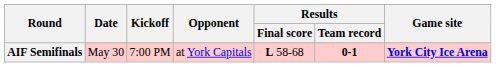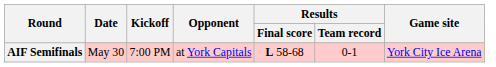 <table class="wikitable" style="font-size: 92%;" "align=center">
 <tr>
 <th rowspan="2">Round</th>
 <th rowspan="2">Date</th>
 <th rowspan="2">Kickoff</th>
 <th rowspan="2">Opponent</th>
 <th colspan="2">Results</th>
 <th rowspan="2">Game site</th>
 </tr>
 <tr>
 <th>Final score</th>
 <th>Team record</th>
 </tr>
 <tr style="background:#fcc">
 <th>AIF Semifinals</th>
 <td style="text-align:center;">May 30</td>
 <td style="text-align:center;">7:00 PM</td>
 <td style="text-align:center;">at <a href='#'>York Capitals</a></td>
 <td style="text-align:center;"><strong>L</strong> 58-68</td>
-<td style="text-align:center;"><strong>0-1</strong></td>
-<td style="text-align:center;"><strong><a href='#'>York City Ice Arena</a></strong></td>
+<td style="text-align:center;">0-1</td>
+<td style="text-align:center;"><a href='#'>York City Ice Arena</a></td>
 </tr>
 </table>
